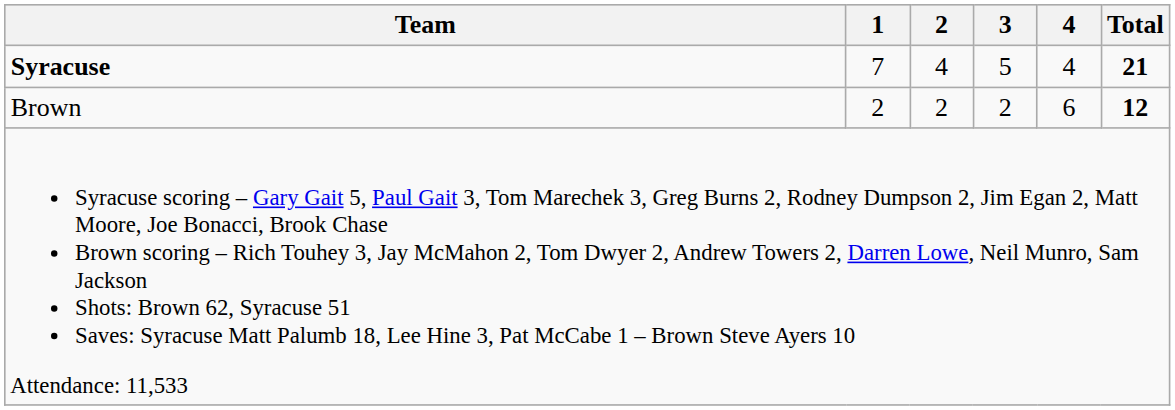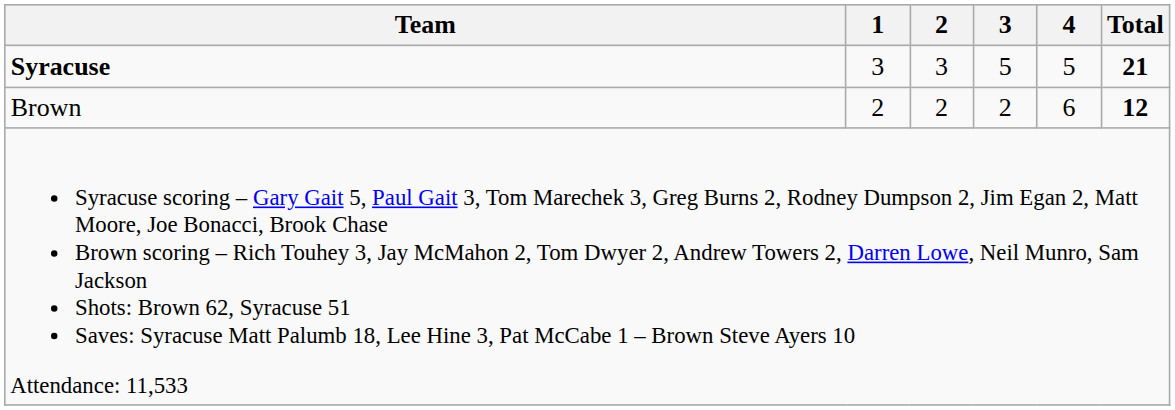 <table class="wikitable" style="text-align:center; max-width:45em">
 <tr>
 <th>Team</th>
 <th style="width:2em">1</th>
 <th style="width:2em">2</th>
 <th style="width:2em">3</th>
 <th style="width:2em">4</th>
 <th style="width:2em">Total</th>
 </tr>
 <tr>
 <td style="text-align:left"><strong>Syracuse</strong></td>
-<td>7</td>
-<td>4</td>
+<td>3</td>
+<td>3</td>
 <td>5</td>
-<td>4</td>
+<td>5</td>
 <td><strong>21</strong></td>
 </tr>
 <tr>
 <td style="text-align:left">Brown</td>
 <td>2</td>
 <td>2</td>
 <td>2</td>
 <td>6</td>
 <td><strong>12</strong></td>
 </tr>
 <tr>
 <td colspan=6 style="text-align:left; font-size:88%;"><br><ul><li>Syracuse scoring – <a href='#'>Gary Gait</a> 5, <a href='#'>Paul Gait</a> 3, Tom Marechek 3, Greg Burns 2, Rodney Dumpson 2, Jim Egan 2, Matt Moore, Joe Bonacci, Brook Chase</li><li>Brown scoring – Rich Touhey 3, Jay McMahon 2, Tom Dwyer 2, Andrew Towers 2, <a href='#'>Darren Lowe</a>, Neil Munro, Sam Jackson</li><li>Shots: Brown 62, Syracuse 51</li><li>Saves: Syracuse Matt Palumb 18, Lee Hine 3, Pat McCabe 1 – Brown Steve Ayers 10</li></ul>Attendance: 11,533 </td>
 </tr>
 </table>
